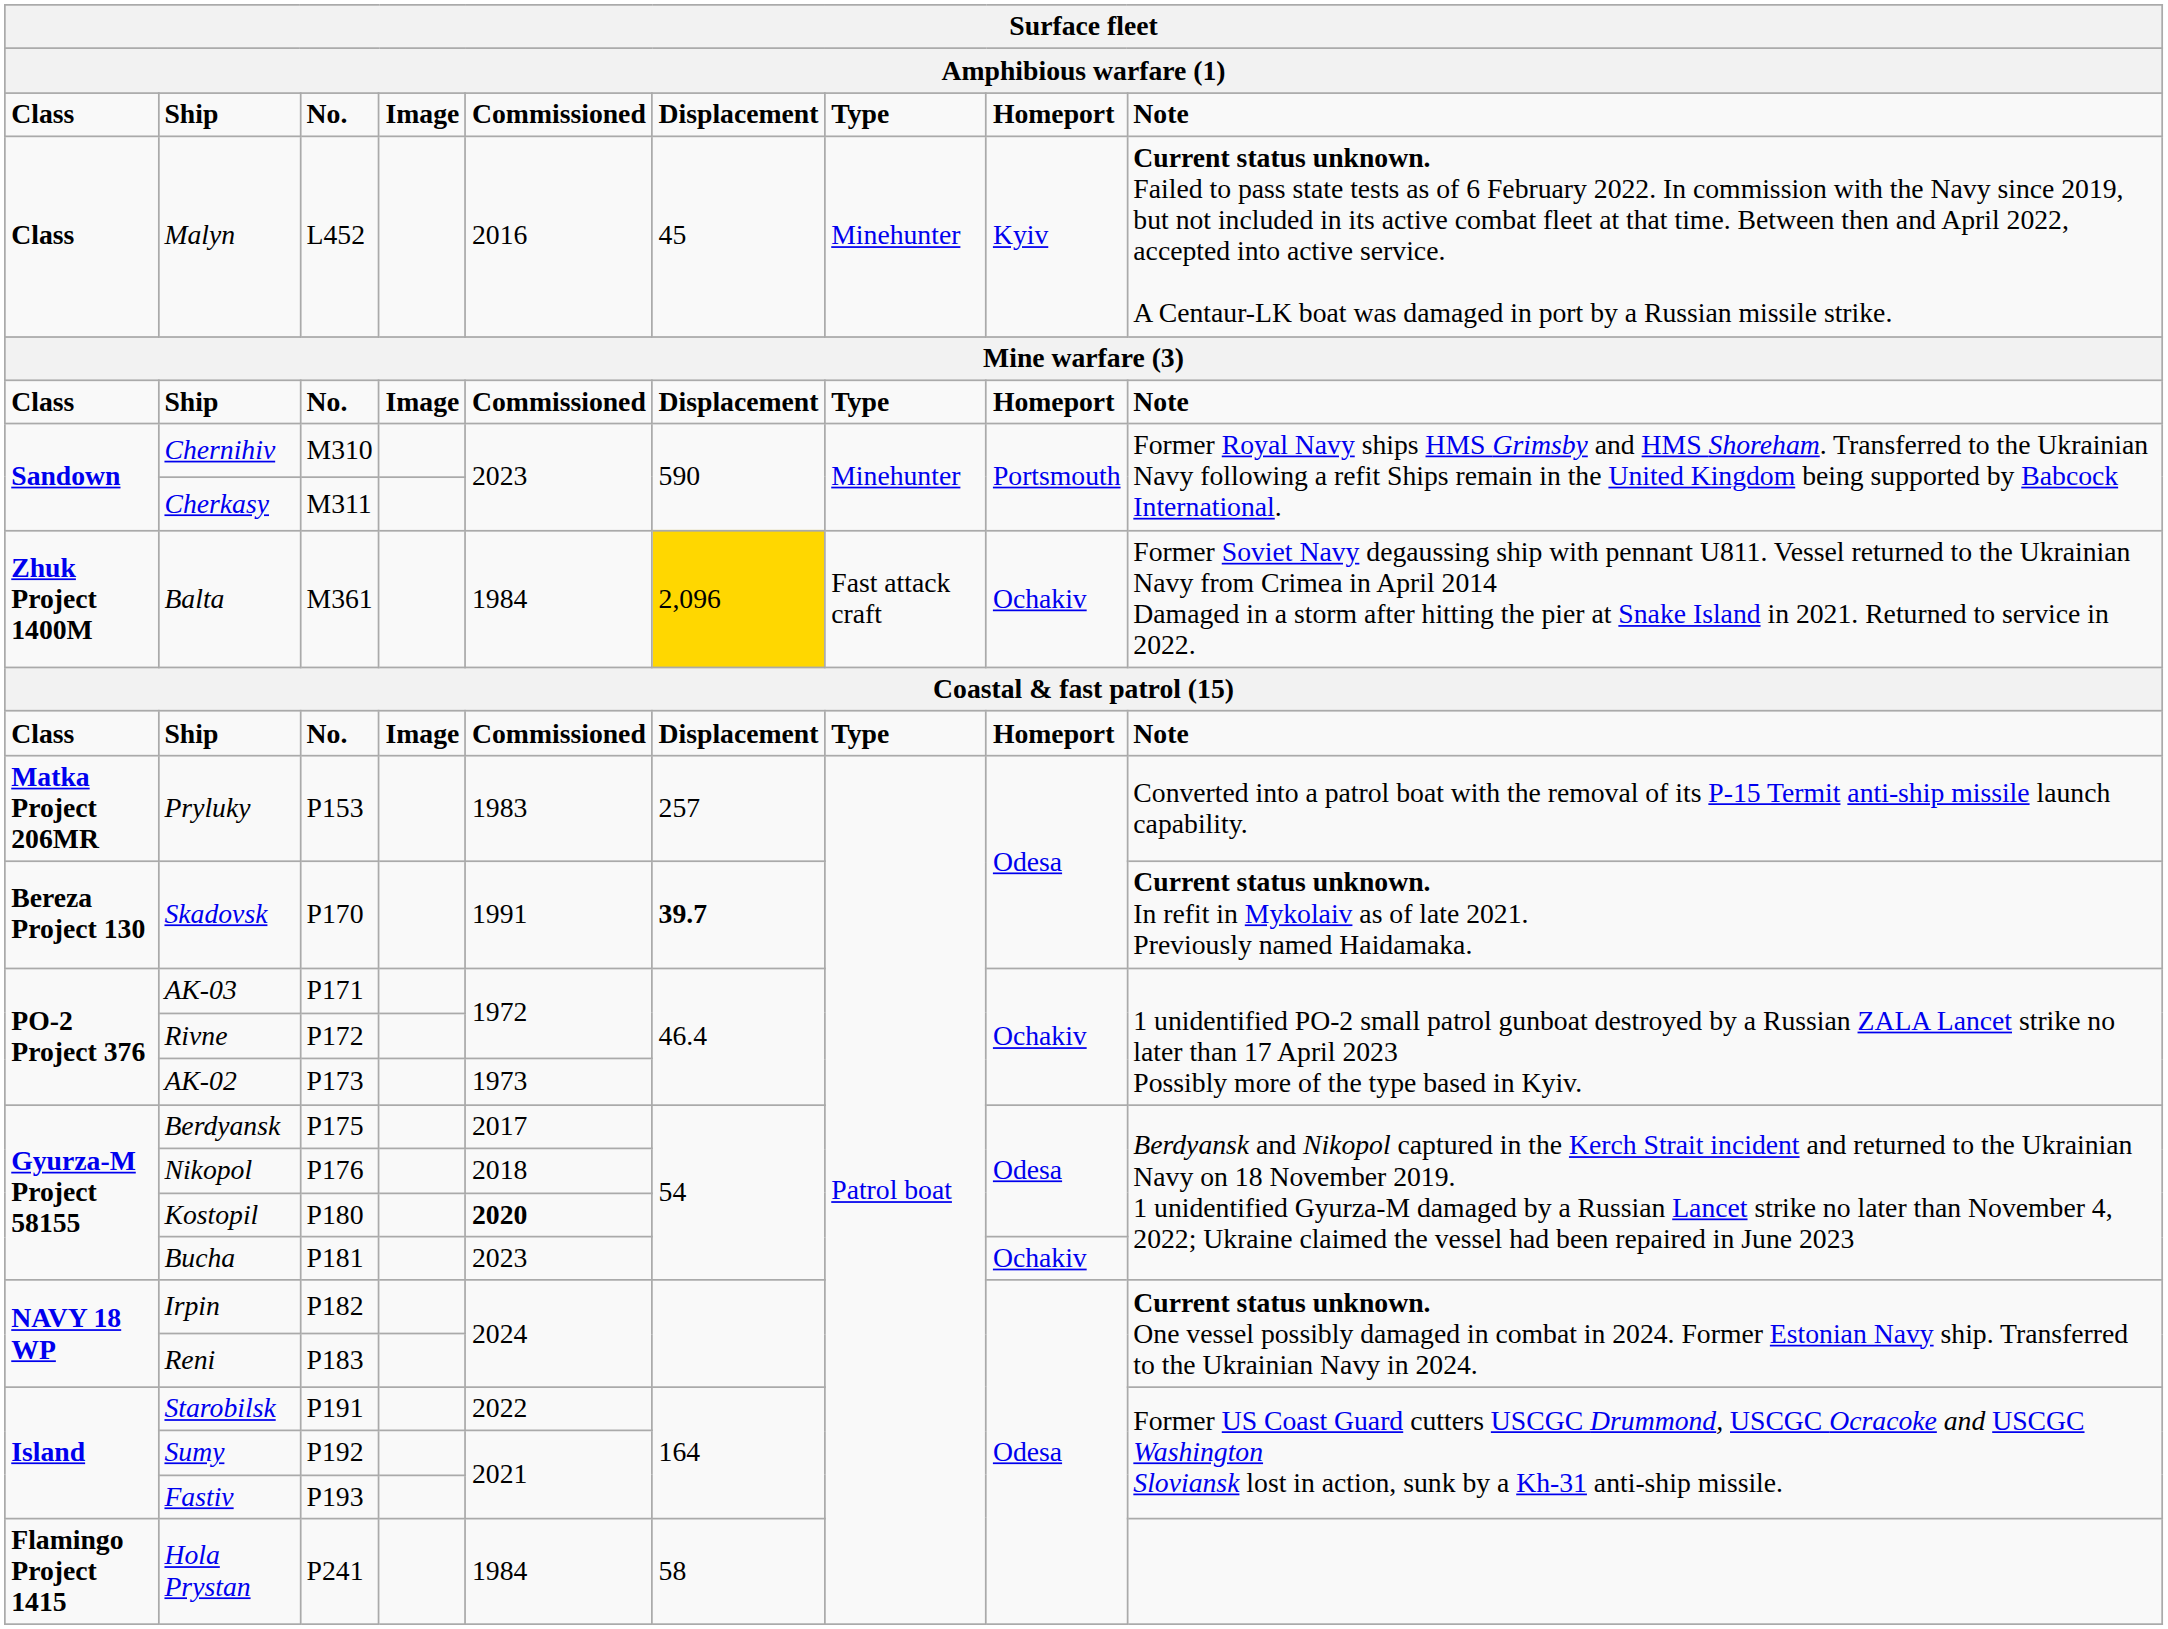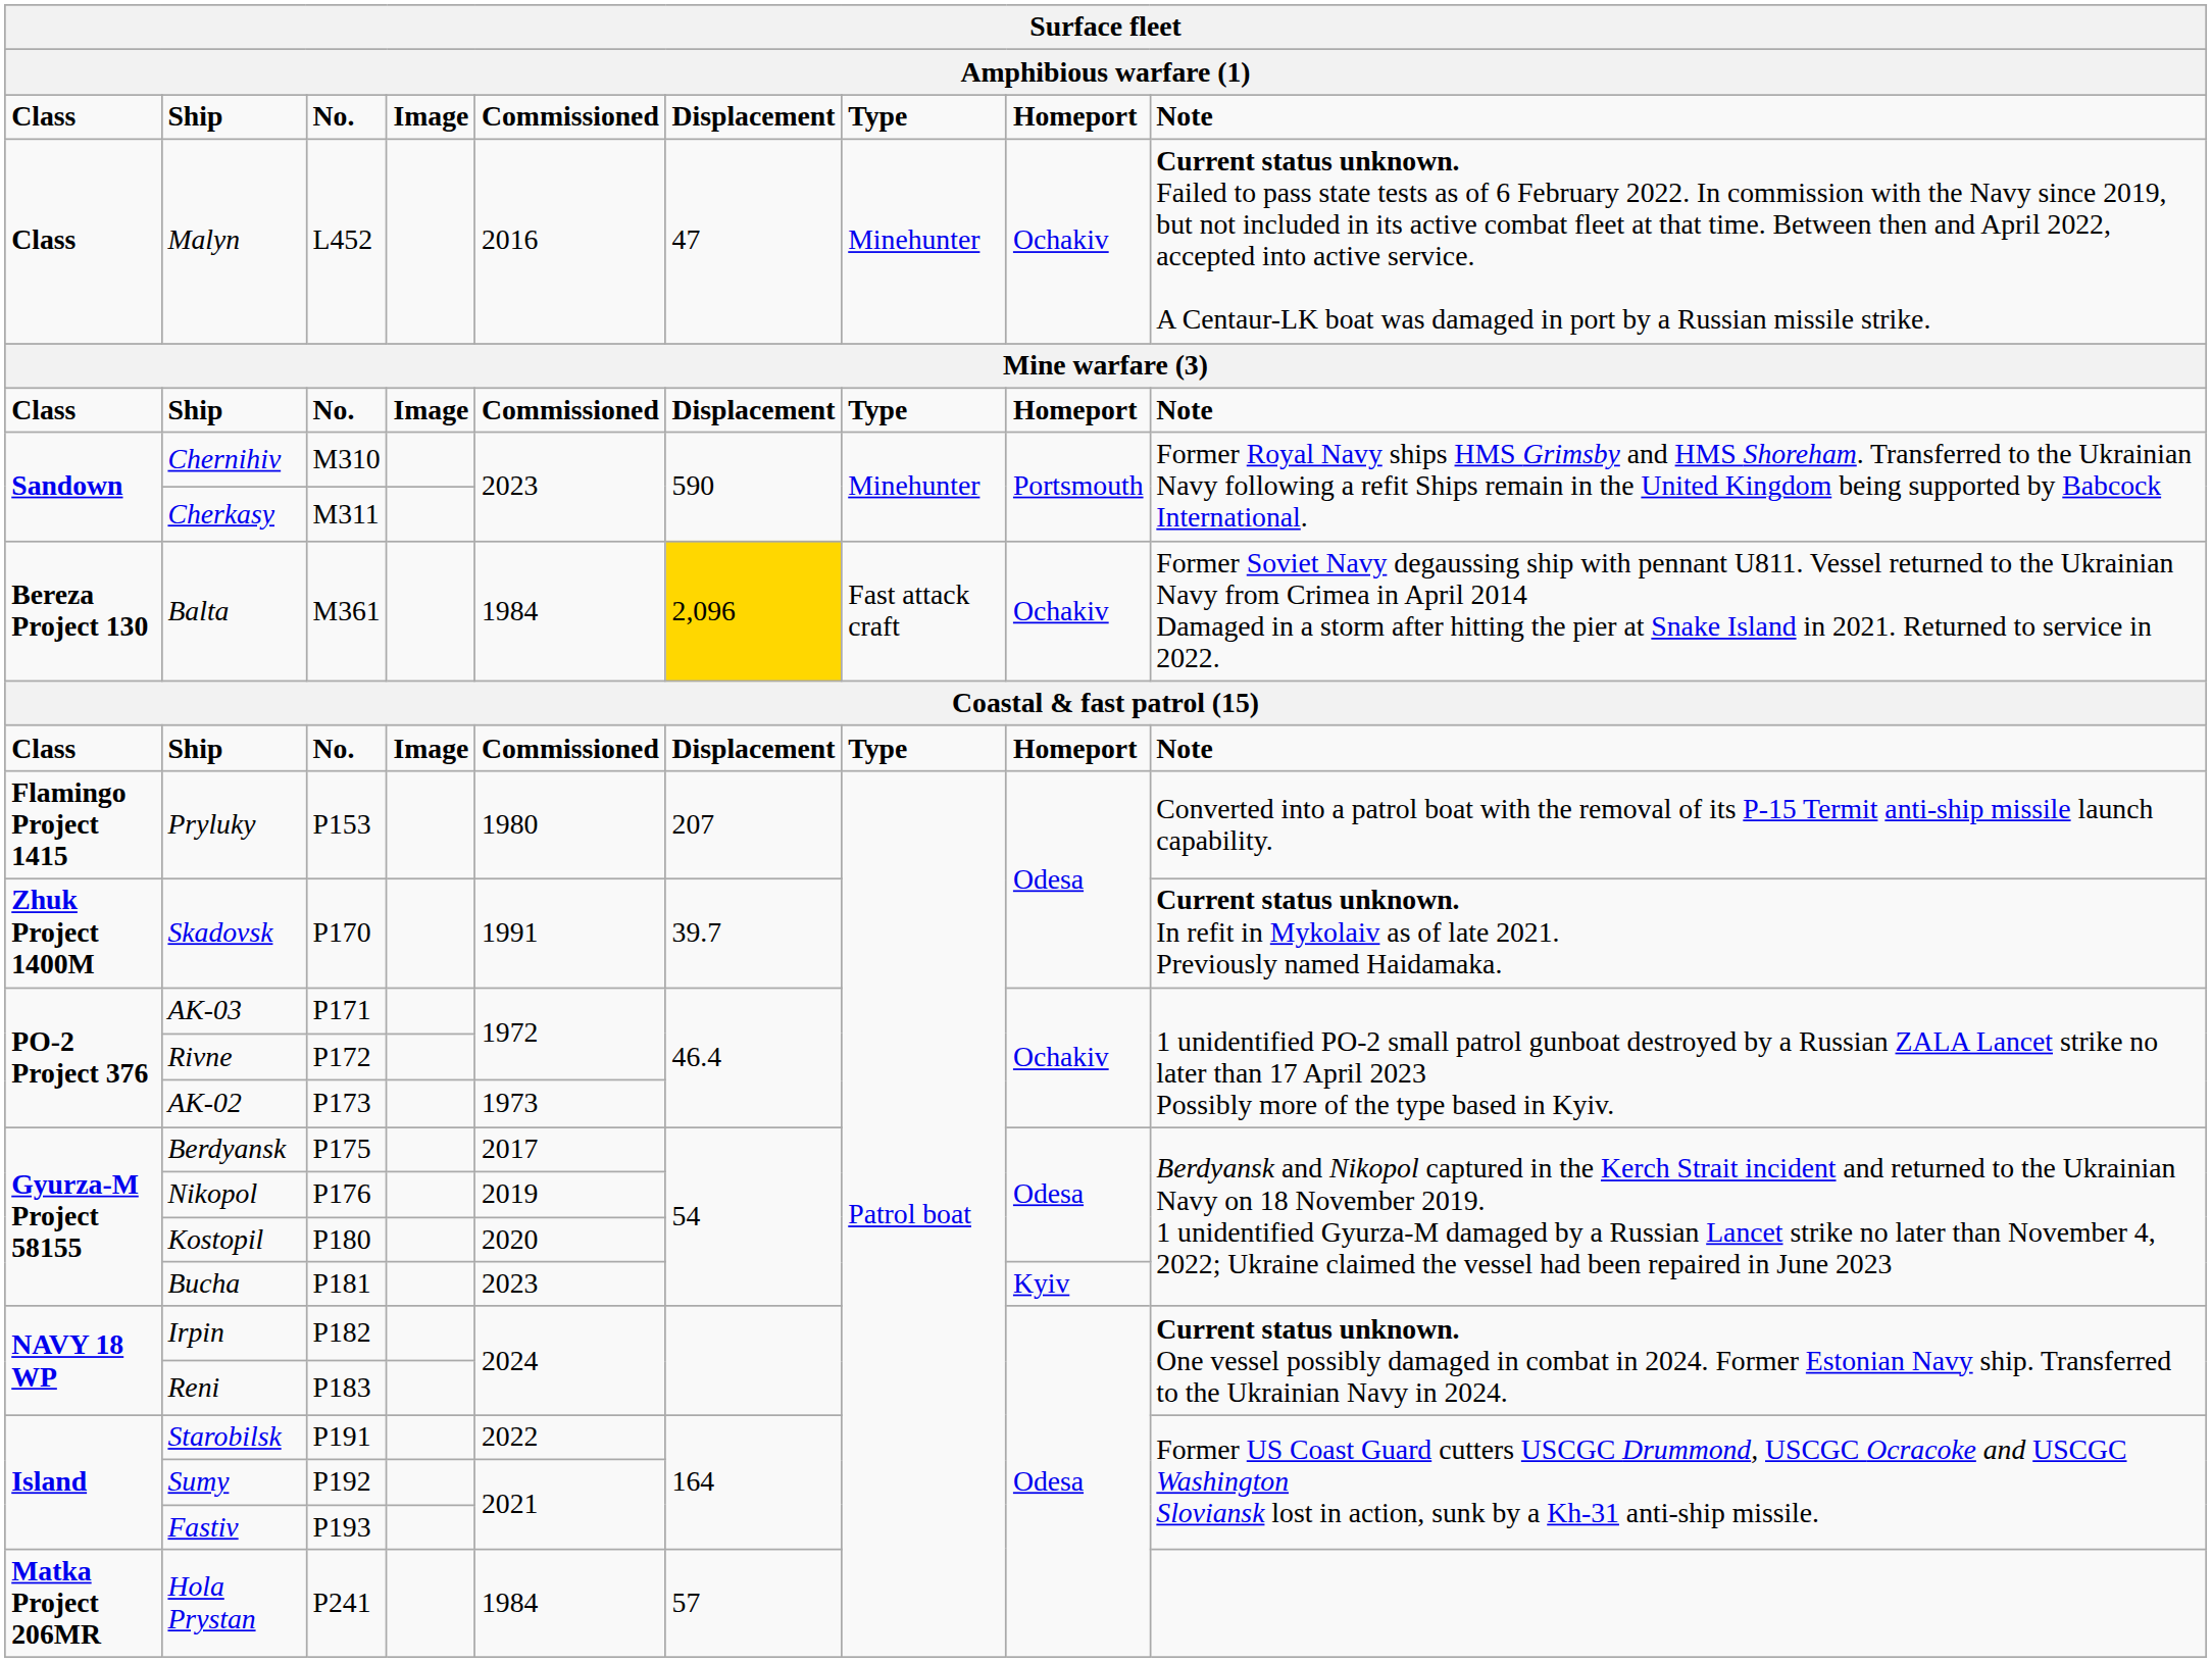 <table class="wikitable">
 <tr>
 <th colspan="9">Surface fleet</th>
 </tr>
 <tr>
 <th colspan="9">Amphibious warfare (1)</th>
 </tr>
 <tr>
 <td><strong>Class</strong></td>
 <td><strong>Ship</strong></td>
 <td><strong>No.</strong></td>
 <td><strong>Image</strong></td>
 <td><strong>Commissioned</strong></td>
 <td><strong>Displacement</strong></td>
 <td><strong>Type</strong></td>
 <td><strong>Homeport</strong></td>
 <td><strong>Note</strong></td>
 </tr>
 <tr>
 <td><strong>Class</strong></td>
 <td><em>Malyn</em></td>
 <td>L452</td>
 <td></td>
 <td>2016</td>
-<td>45</td>
+<td>47</td>
 <td><a href='#'>Minehunter</a></td>
-<td><a href='#'>Kyiv</a></td>
+<td><a href='#'>Ochakiv</a></td>
 <td><strong>Current status unknown.</strong><br>Failed to pass state tests as of 6 February 2022. In commission with the Navy since 2019, but not included in its active combat fleet at that time.  Between then and April 2022, accepted into active service.<br><br> A Centaur-LK boat was damaged in port by a Russian missile strike.</td>
 </tr>
 <tr>
 <th colspan="9">Mine warfare (3)</th>
 </tr>
 <tr>
 <td><strong>Class</strong></td>
 <td><strong>Ship</strong></td>
 <td><strong>No.</strong></td>
 <td><strong>Image</strong></td>
 <td><strong>Commissioned</strong></td>
 <td><strong>Displacement</strong></td>
 <td><strong>Type</strong></td>
 <td><strong>Homeport</strong></td>
 <td><strong>Note</strong></td>
 </tr>
 <tr>
 <td rowspan="2"><strong><a href='#'>Sandown</a></strong></td>
 <td><a href='#'><em>Chernihiv</em></a></td>
 <td>M310</td>
 <td></td>
 <td rowspan="2">2023</td>
 <td rowspan="2">590</td>
 <td rowspan="2"><a href='#'>Minehunter</a></td>
 <td rowspan="2"><a href='#'>Portsmouth</a></td>
 <td rowspan="2">Former <a href='#'>Royal Navy</a> ships <a href='#'>HMS <em>Grimsby</em></a> and <a href='#'>HMS <em>Shoreham</em></a>. Transferred to the Ukrainian Navy following a refit Ships remain in the <a href='#'>United Kingdom</a> being supported by <a href='#'>Babcock International</a>.</td>
 </tr>
 <tr>
 <td><a href='#'><em>Cherkasy</em></a></td>
 <td>M311</td>
 <td></td>
 </tr>
 <tr>
-<td><a href='#'><strong>Zhuk</strong></a><br><strong>Project 1400M</strong></td>
+<td><strong>Bereza</strong><br><strong>Project 130</strong></td>
 <td><em>Balta</em></td>
 <td>M361</td>
 <td></td>
 <td>1984</td>
 <td style="background: gold;">2,096</td>
 <td>Fast attack craft</td>
 <td><a href='#'>Ochakiv</a></td>
 <td>Former <a href='#'>Soviet Navy</a> degaussing ship with pennant U811. Vessel returned to the Ukrainian Navy from Crimea in April 2014<br>Damaged in a storm after hitting the pier at <a href='#'>Snake Island</a> in 2021. Returned to service in 2022.</td>
 </tr>
 <tr>
 <th colspan="9">Coastal & fast patrol (15)</th>
 </tr>
 <tr>
 <td><strong>Class</strong></td>
 <td><strong>Ship</strong></td>
 <td><strong>No.</strong></td>
 <td><strong>Image</strong></td>
 <td><strong>Commissioned</strong></td>
 <td><strong>Displacement</strong></td>
 <td><strong>Type</strong></td>
 <td><strong>Homeport</strong></td>
 <td><strong>Note</strong></td>
 </tr>
 <tr>
-<td><a href='#'><strong>Matka</strong></a><br><strong>Project 206MR</strong></td>
+<td><strong>Flamingo</strong><br><strong>Project 1415</strong></td>
 <td><em>Pryluky</em></td>
 <td>P153</td>
 <td></td>
-<td>1983</td>
-<td>257</td>
+<td>1980</td>
+<td>207</td>
 <td rowspan="15"><a href='#'>Patrol boat</a></td>
 <td rowspan="2"><a href='#'>Odesa</a></td>
 <td>Converted into a patrol boat with the removal of its <a href='#'>P-15 Termit</a> <a href='#'>anti-ship missile</a> launch capability.</td>
 </tr>
 <tr>
-<td><strong>Bereza</strong><br><strong>Project 130</strong></td>
+<td><a href='#'><strong>Zhuk</strong></a><br><strong>Project 1400M</strong></td>
 <td><em><a href='#'>Skadovsk</a></em></td>
 <td>P170</td>
 <td></td>
 <td>1991</td>
-<td><strong>39.7</strong></td>
+<td>39.7</td>
 <td><strong>Current status unknown.</strong><br>In refit in <a href='#'>Mykolaiv</a> as of late 2021.<br>Previously named Haidamaka.</td>
 </tr>
 <tr>
 <td rowspan="3"><strong>PO-2</strong><br><strong>Project 376</strong></td>
 <td><em>AK-03</em></td>
 <td>P171</td>
 <td></td>
 <td rowspan="2">1972</td>
 <td rowspan="3">46.4</td>
 <td rowspan="3"><a href='#'>Ochakiv</a></td>
 <td rowspan="3"><br>1 unidentified PO-2 small patrol gunboat destroyed by a Russian <a href='#'>ZALA Lancet</a> strike no later than 17 April 2023<br>Possibly more of the type based in Kyiv.</td>
 </tr>
 <tr>
 <td><em>Rivne</em></td>
 <td>P172</td>
 <td></td>
 </tr>
 <tr>
 <td><em>AK-02</em></td>
 <td>P173</td>
 <td></td>
 <td>1973</td>
 </tr>
 <tr>
 <td rowspan="4"><strong><a href='#'>Gyurza-M</a></strong><br><strong>Project 58155</strong></td>
 <td><em>Berdyansk</em></td>
 <td>P175</td>
 <td></td>
 <td>2017</td>
 <td rowspan="4">54</td>
 <td rowspan="3"><a href='#'>Odesa</a></td>
 <td rowspan="4"><em>Berdyansk</em> and <em>Nikopol</em> captured in the <a href='#'>Kerch Strait incident</a> and returned to the Ukrainian Navy on 18 November 2019. <br>1 unidentified Gyurza-M damaged by a Russian <a href='#'>Lancet</a> strike no later than November 4, 2022; Ukraine claimed the vessel had been repaired in June 2023</td>
 </tr>
 <tr>
 <td><em>Nikopol</em></td>
 <td>P176</td>
 <td></td>
-<td>2018</td>
+<td>2019</td>
 </tr>
 <tr>
 <td><em>Kostopil</em></td>
 <td>P180</td>
 <td></td>
-<td><strong>2020</strong></td>
+<td>2020</td>
 </tr>
 <tr>
 <td><em>Bucha</em></td>
 <td>P181</td>
 <td></td>
 <td>2023</td>
-<td><a href='#'>Ochakiv</a></td>
+<td><a href='#'>Kyiv</a></td>
 </tr>
 <tr>
 <td rowspan="2"><strong><a href='#'>NAVY 18 WP</a></strong></td>
 <td><em>Irpin</em></td>
 <td>P182</td>
 <td></td>
 <td rowspan="2">2024</td>
 <td rowspan="2"></td>
 <td rowspan="6"><a href='#'>Odesa</a></td>
 <td rowspan="2"><strong>Current status unknown.</strong><br>One vessel possibly damaged in combat in 2024.  Former <a href='#'>Estonian Navy</a> ship. Transferred to the Ukrainian Navy in 2024.</td>
 </tr>
 <tr>
 <td><em>Reni</em></td>
 <td>P183</td>
 <td></td>
 </tr>
 <tr>
 <td rowspan="3"><a href='#'><strong>Island</strong></a></td>
 <td><em><a href='#'>Starobilsk</a></em></td>
 <td>P191</td>
 <td></td>
 <td>2022</td>
 <td rowspan="3">164</td>
 <td rowspan="3">Former <a href='#'>US Coast Guard</a> cutters <a href='#'>USCGC <em>Drummond</em></a><em>,</em> <a href='#'>USCGC <em>Ocracoke</em></a> <em>and</em> <a href='#'>USCGC <em>Washington</em></a><br><em><a href='#'>Sloviansk</a></em> lost in action, sunk by a <a href='#'>Kh-31</a> anti-ship missile.</td>
 </tr>
 <tr>
 <td><em><a href='#'>Sumy</a></em></td>
 <td>P192</td>
 <td></td>
 <td rowspan="2">2021</td>
 </tr>
 <tr>
 <td><em><a href='#'>Fastiv</a></em></td>
 <td>P193</td>
 <td></td>
 </tr>
 <tr>
-<td><strong>Flamingo</strong><br><strong>Project 1415</strong></td>
+<td><a href='#'><strong>Matka</strong></a><br><strong>Project 206MR</strong></td>
 <td><a href='#'><em>Hola Prystan</em></a></td>
 <td>P241</td>
 <td></td>
 <td>1984</td>
-<td>58</td>
+<td>57</td>
 <td></td>
 </tr>
 </table>
